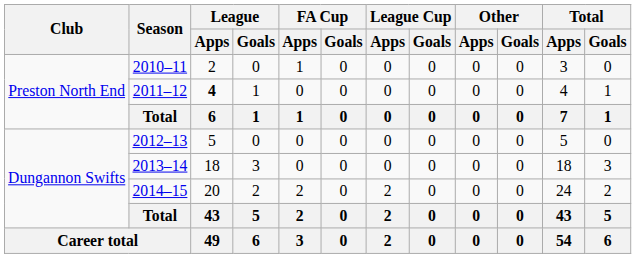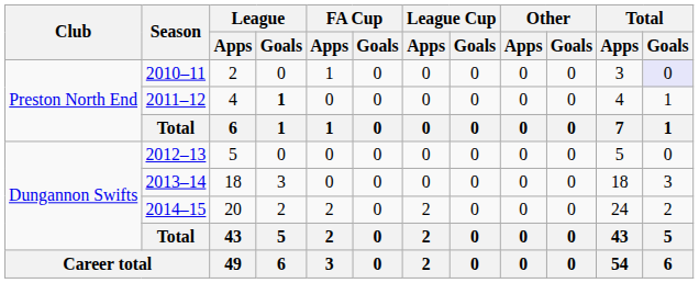 <table class="wikitable" style="text-align: center;">
 <tr>
 <th rowspan="2">Club</th>
 <th rowspan="2">Season</th>
 <th colspan="2">League</th>
 <th colspan="2">FA Cup</th>
 <th colspan="2">League Cup</th>
 <th colspan="2">Other</th>
 <th colspan="2">Total</th>
 </tr>
 <tr>
 <th>Apps</th>
 <th>Goals</th>
 <th>Apps</th>
 <th>Goals</th>
 <th>Apps</th>
 <th>Goals</th>
 <th>Apps</th>
 <th>Goals</th>
 <th>Apps</th>
 <th>Goals</th>
 </tr>
 <tr>
 <td rowspan="3" valign="center"><a href='#'>Preston North End</a></td>
 <td><a href='#'>2010–11</a></td>
 <td>2</td>
 <td>0</td>
 <td>1</td>
 <td>0</td>
 <td>0</td>
 <td>0</td>
 <td>0</td>
 <td>0</td>
 <td>3</td>
-<td>0</td>
+<td style="background: lavender;">0</td>
 </tr>
 <tr>
 <td><a href='#'>2011–12</a></td>
-<td><strong>4</strong></td>
-<td>1</td>
+<td>4</td>
+<td><strong>1</strong></td>
 <td>0</td>
 <td>0</td>
 <td>0</td>
 <td>0</td>
 <td>0</td>
 <td>0</td>
 <td>4</td>
 <td>1</td>
 </tr>
 <tr>
 <th colspan="1">Total</th>
 <th>6</th>
 <th>1</th>
 <th>1</th>
 <th>0</th>
 <th>0</th>
 <th>0</th>
 <th>0</th>
 <th>0</th>
 <th>7</th>
 <th>1</th>
 </tr>
 <tr>
 <td rowspan="4" valign="center"><a href='#'>Dungannon Swifts</a></td>
 <td><a href='#'>2012–13</a></td>
 <td>5</td>
 <td>0</td>
 <td>0</td>
 <td>0</td>
 <td>0</td>
 <td>0</td>
 <td>0</td>
 <td>0</td>
 <td>5</td>
 <td>0</td>
 </tr>
 <tr>
 <td><a href='#'>2013–14</a></td>
 <td>18</td>
 <td>3</td>
 <td>0</td>
 <td>0</td>
 <td>0</td>
 <td>0</td>
 <td>0</td>
 <td>0</td>
 <td>18</td>
 <td>3</td>
 </tr>
 <tr>
 <td><a href='#'>2014–15</a></td>
 <td>20</td>
 <td>2</td>
 <td>2</td>
 <td>0</td>
 <td>2</td>
 <td>0</td>
 <td>0</td>
 <td>0</td>
 <td>24</td>
 <td>2</td>
 </tr>
 <tr>
 <th colspan="1">Total</th>
 <th>43</th>
 <th>5</th>
 <th>2</th>
 <th>0</th>
 <th>2</th>
 <th>0</th>
 <th>0</th>
 <th>0</th>
 <th>43</th>
 <th>5</th>
 </tr>
 <tr>
 <th colspan="2">Career total</th>
 <th>49</th>
 <th>6</th>
 <th>3</th>
 <th>0</th>
 <th>2</th>
 <th>0</th>
 <th>0</th>
 <th>0</th>
 <th>54</th>
 <th>6</th>
 </tr>
 </table>
